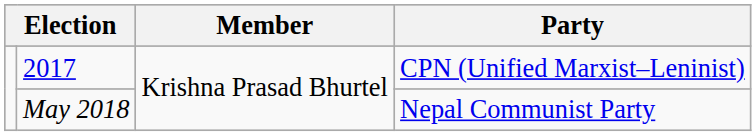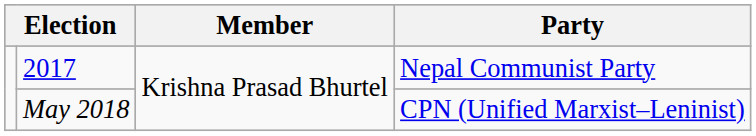 <table class="wikitable">
 <tr>
 <th colspan="2">Election</th>
 <th>Member</th>
 <th>Party</th>
 </tr>
 <tr>
 <td rowspan="2" style="background-color:"></td>
 <td><a href='#'>2017</a></td>
 <td rowspan="2">Krishna Prasad Bhurtel</td>
-<td><a href='#'>CPN (Unified Marxist–Leninist)</a></td>
+<td><a href='#'>Nepal Communist Party</a></td>
 </tr>
 <tr>
 <td><em>May 2018</em></td>
-<td><a href='#'>Nepal Communist Party</a></td>
+<td><a href='#'>CPN (Unified Marxist–Leninist)</a></td>
 </tr>
 </table>
